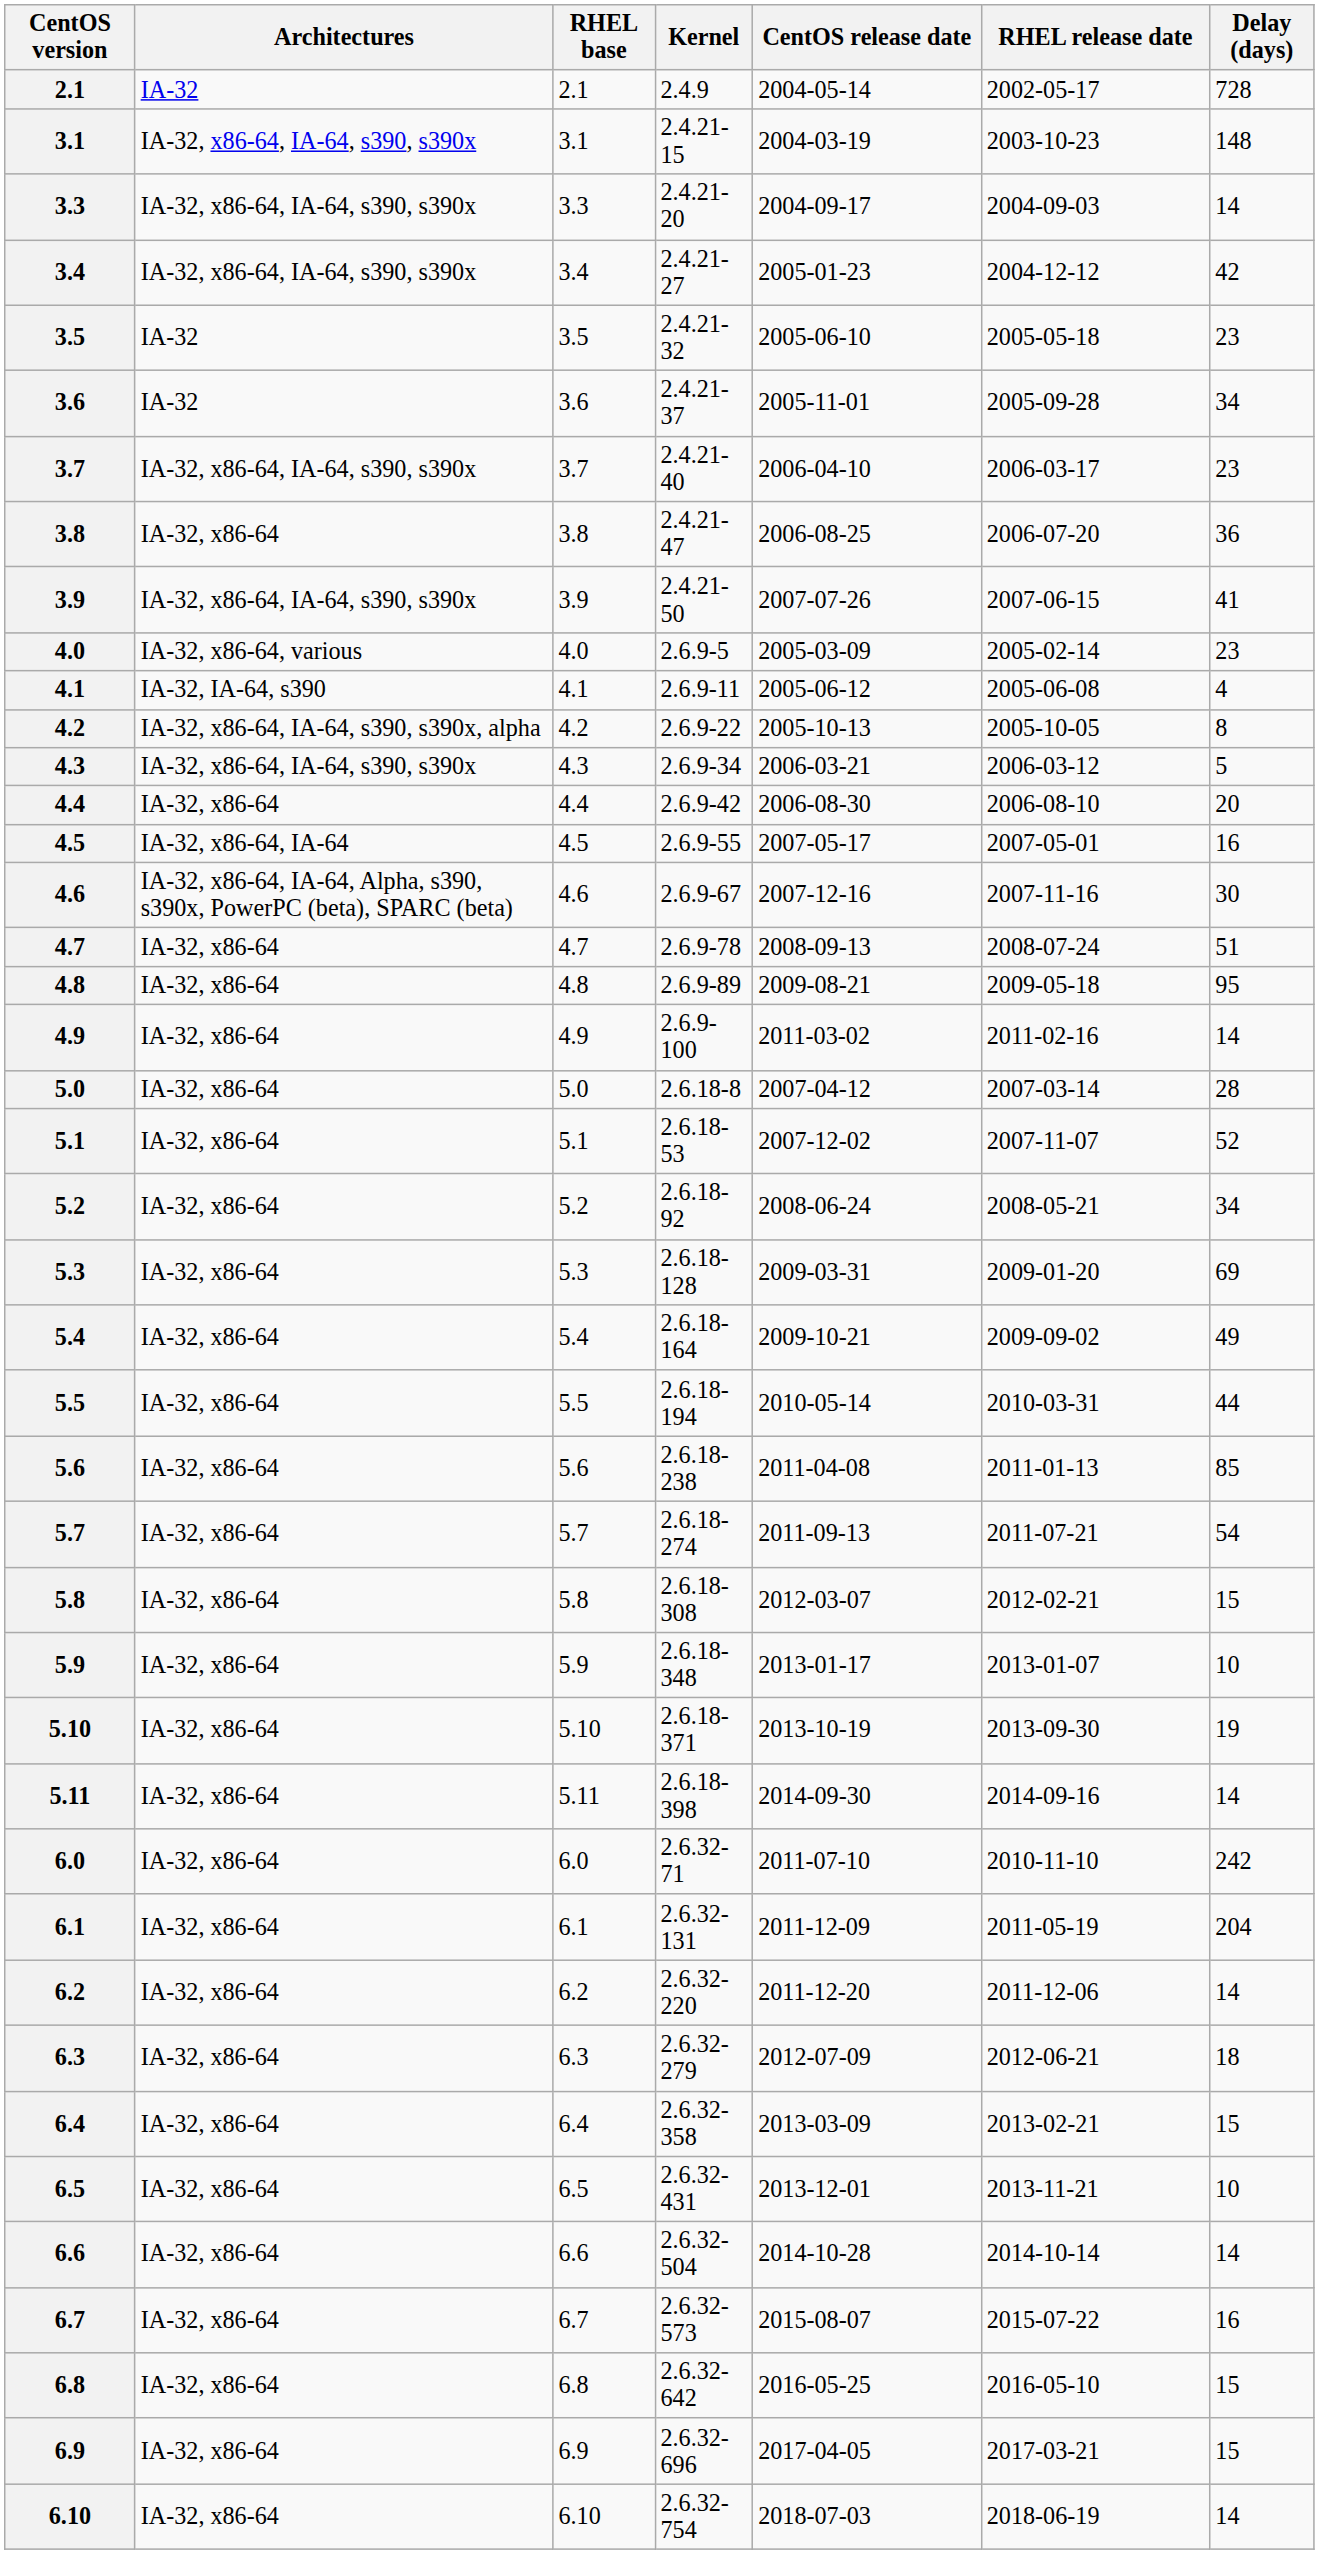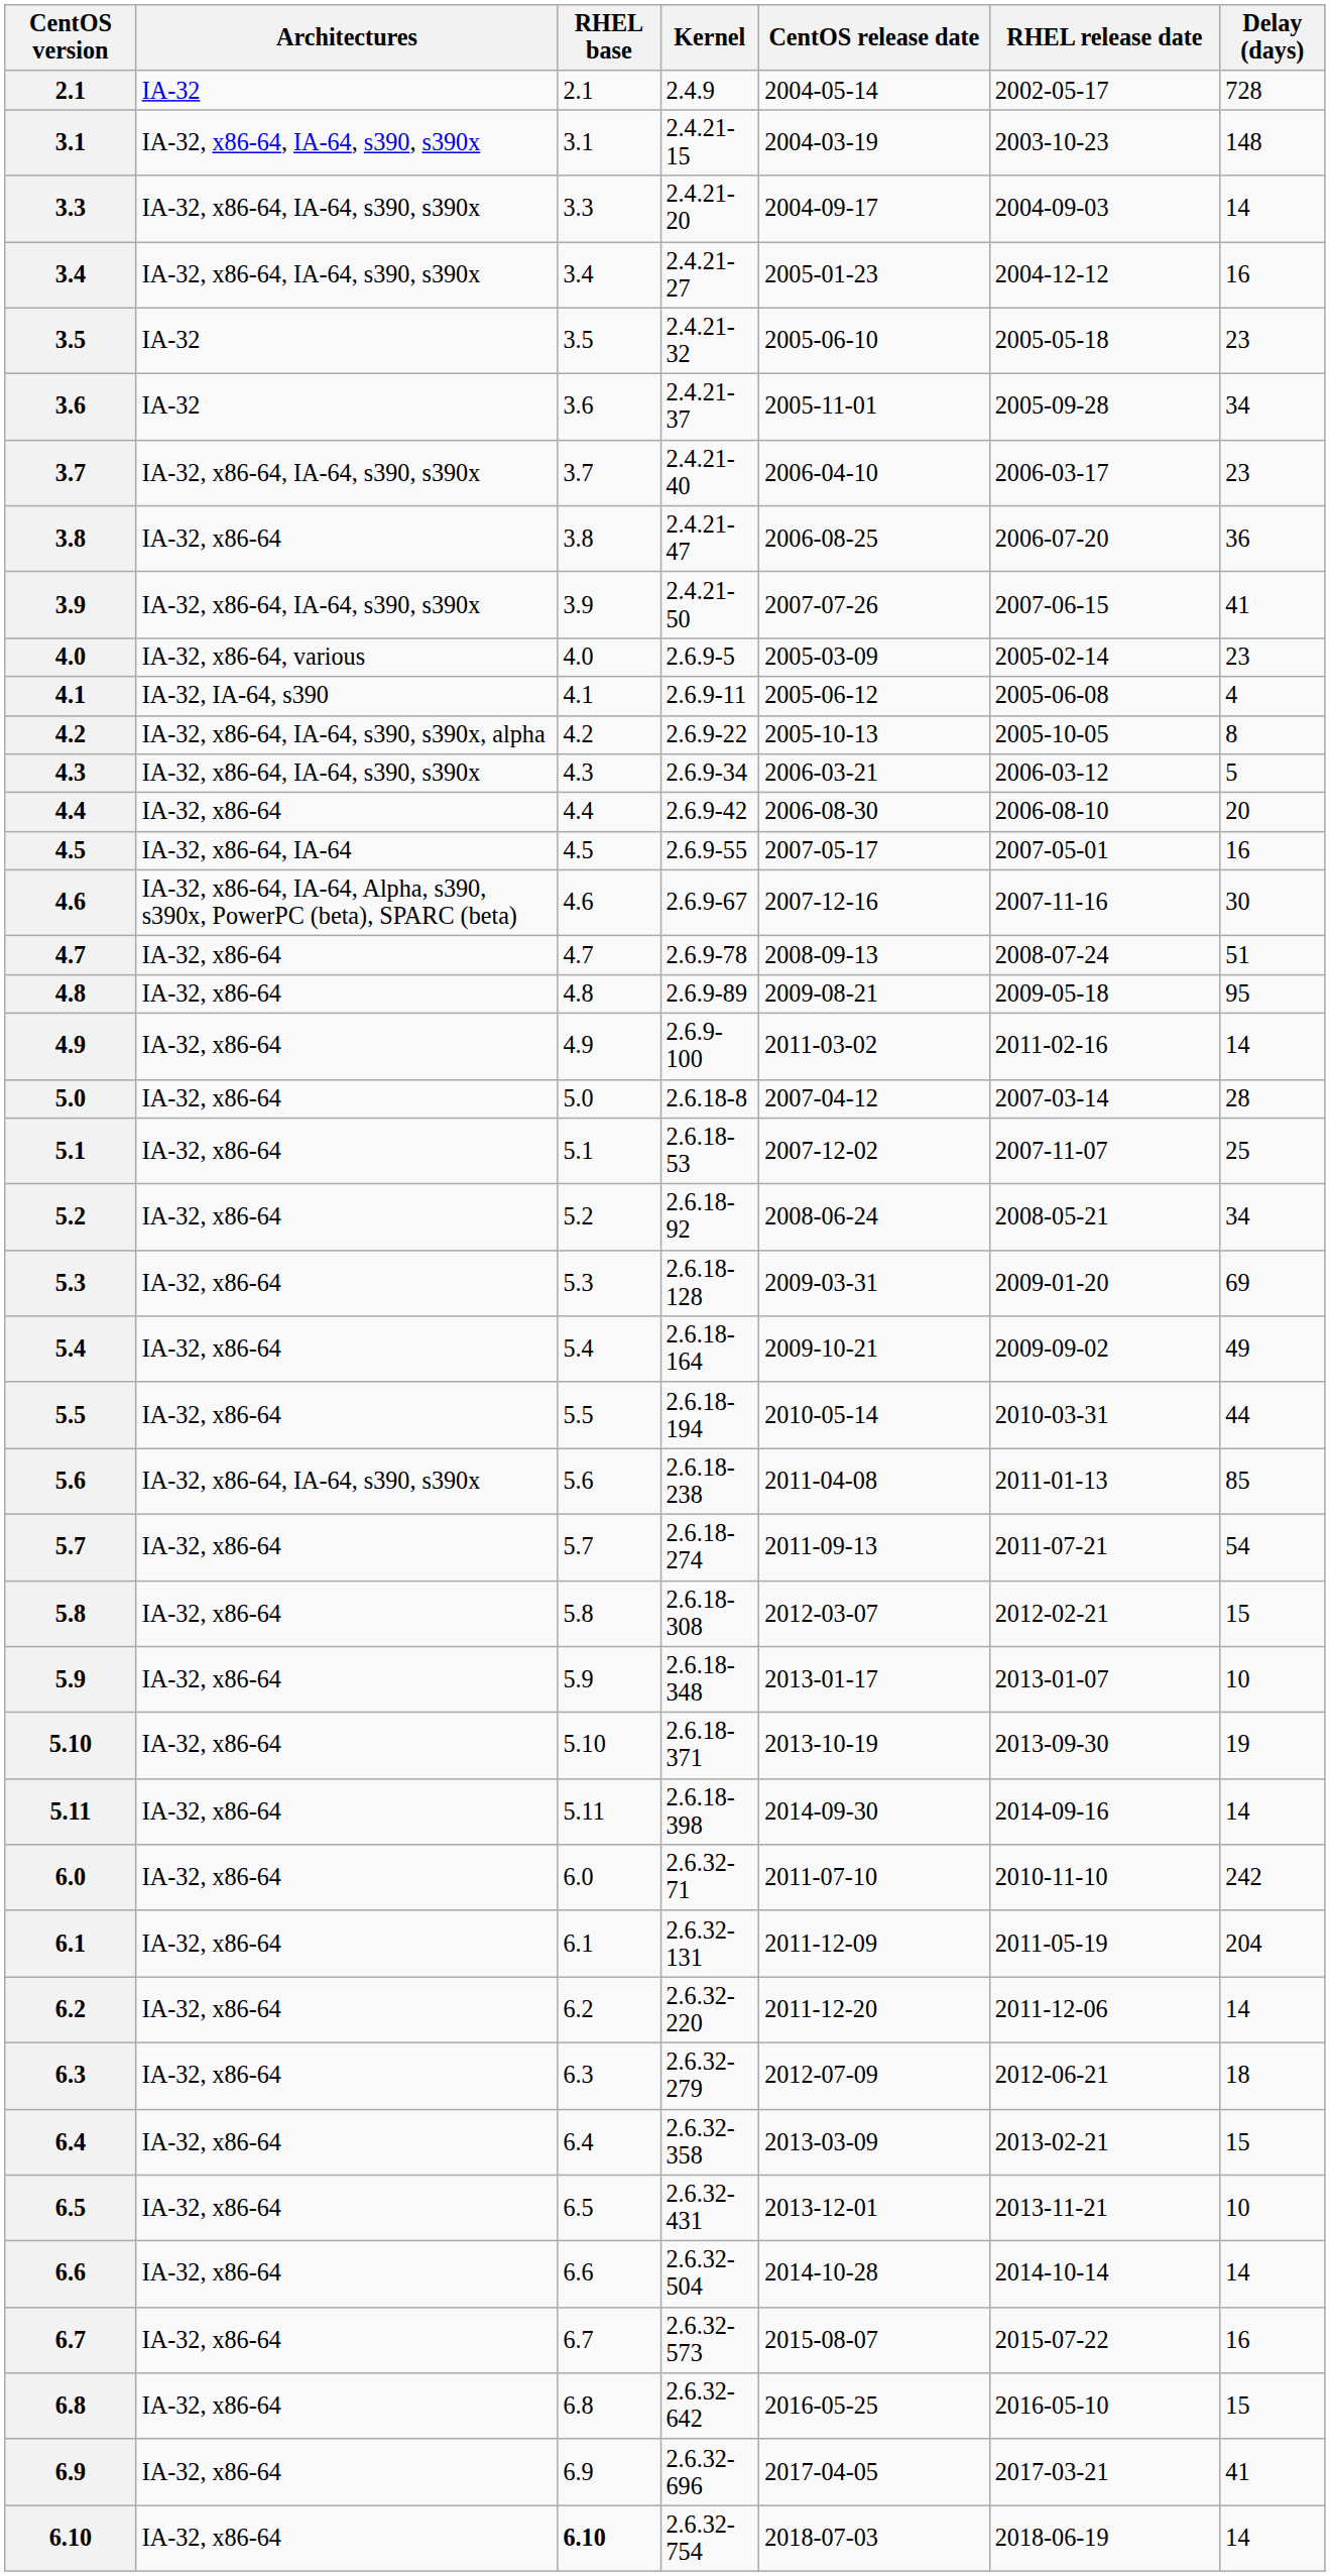 <table class="wikitable collapsible collapsed sortable">
 <tr>
 <th scope="col">CentOS version</th>
 <th scope="col">Architectures</th>
 <th scope="col">RHEL base</th>
 <th scope="col">Kernel</th>
 <th scope="col" style="min-width: 9em;">CentOS release date</th>
 <th scope="col" style="min-width: 9em;">RHEL release date</th>
 <th scope="col">Delay (days)</th>
 </tr>
 <tr>
 <th scope="row">2.1</th>
 <td><a href='#'>IA-32</a></td>
 <td>2.1</td>
 <td>2.4.9</td>
 <td>2004-05-14</td>
 <td>2002-05-17</td>
 <td>728</td>
 </tr>
 <tr>
 <th scope="row">3.1</th>
 <td>IA-32, <a href='#'>x86-64</a>, <a href='#'>IA-64</a>, <a href='#'>s390</a>, <a href='#'>s390x</a></td>
 <td>3.1</td>
 <td>2.4.21-15</td>
 <td>2004-03-19</td>
 <td>2003-10-23</td>
 <td>148</td>
 </tr>
 <tr>
 <th scope="row">3.3</th>
 <td>IA-32, x86-64, IA-64, s390, s390x</td>
 <td>3.3</td>
 <td>2.4.21-20</td>
 <td>2004-09-17</td>
 <td>2004-09-03</td>
 <td>14</td>
 </tr>
 <tr>
 <th scope="row">3.4</th>
 <td>IA-32, x86-64, IA-64, s390, s390x</td>
 <td>3.4</td>
 <td>2.4.21-27</td>
 <td>2005-01-23</td>
 <td>2004-12-12</td>
-<td>42</td>
+<td>16</td>
 </tr>
 <tr>
 <th scope="row">3.5</th>
 <td>IA-32</td>
 <td>3.5</td>
 <td>2.4.21-32</td>
 <td>2005-06-10</td>
 <td>2005-05-18</td>
 <td>23</td>
 </tr>
 <tr>
 <th scope="row">3.6</th>
 <td>IA-32</td>
 <td>3.6</td>
 <td>2.4.21-37</td>
 <td>2005-11-01</td>
 <td>2005-09-28</td>
 <td>34</td>
 </tr>
 <tr>
 <th scope="row">3.7</th>
 <td>IA-32, x86-64, IA-64, s390, s390x</td>
 <td>3.7</td>
 <td>2.4.21-40</td>
 <td>2006-04-10</td>
 <td>2006-03-17</td>
 <td>23</td>
 </tr>
 <tr>
 <th scope="row">3.8</th>
 <td>IA-32, x86-64</td>
 <td>3.8</td>
 <td>2.4.21-47</td>
 <td>2006-08-25</td>
 <td>2006-07-20</td>
 <td>36</td>
 </tr>
 <tr>
 <th scope="row">3.9</th>
 <td>IA-32, x86-64, IA-64, s390, s390x</td>
 <td>3.9</td>
 <td>2.4.21-50</td>
 <td>2007-07-26</td>
 <td>2007-06-15</td>
 <td>41</td>
 </tr>
 <tr>
 <th scope="row">4.0</th>
 <td>IA-32, x86-64, various</td>
 <td>4.0</td>
 <td>2.6.9-5</td>
 <td>2005-03-09</td>
 <td>2005-02-14</td>
 <td>23</td>
 </tr>
 <tr>
 <th scope="row">4.1</th>
 <td>IA-32, IA-64, s390</td>
 <td>4.1</td>
 <td>2.6.9-11</td>
 <td>2005-06-12</td>
 <td>2005-06-08</td>
 <td>4</td>
 </tr>
 <tr>
 <th scope="row">4.2</th>
 <td>IA-32, x86-64, IA-64, s390, s390x, alpha</td>
 <td>4.2</td>
 <td>2.6.9-22</td>
 <td>2005-10-13</td>
 <td>2005-10-05</td>
 <td>8</td>
 </tr>
 <tr>
 <th scope="row">4.3</th>
 <td>IA-32, x86-64, IA-64, s390, s390x</td>
 <td>4.3</td>
 <td>2.6.9-34</td>
 <td>2006-03-21</td>
 <td>2006-03-12</td>
 <td>5</td>
 </tr>
 <tr>
 <th scope="row">4.4</th>
 <td>IA-32, x86-64</td>
 <td>4.4</td>
 <td>2.6.9-42</td>
 <td>2006-08-30</td>
 <td>2006-08-10</td>
 <td>20</td>
 </tr>
 <tr>
 <th scope="row">4.5</th>
 <td>IA-32, x86-64, IA-64</td>
 <td>4.5</td>
 <td>2.6.9-55</td>
 <td>2007-05-17</td>
 <td>2007-05-01</td>
 <td>16</td>
 </tr>
 <tr>
 <th scope="row">4.6</th>
 <td>IA-32, x86-64, IA-64, Alpha, s390, s390x, PowerPC (beta), SPARC (beta)</td>
 <td>4.6</td>
 <td>2.6.9-67</td>
 <td>2007-12-16</td>
 <td>2007-11-16</td>
 <td>30</td>
 </tr>
 <tr>
 <th scope="row">4.7</th>
 <td>IA-32, x86-64</td>
 <td>4.7</td>
 <td>2.6.9-78</td>
 <td>2008-09-13</td>
 <td>2008-07-24</td>
 <td>51</td>
 </tr>
 <tr>
 <th scope="row">4.8</th>
 <td>IA-32, x86-64</td>
 <td>4.8</td>
 <td>2.6.9-89</td>
 <td>2009-08-21</td>
 <td>2009-05-18</td>
 <td>95</td>
 </tr>
 <tr>
 <th scope="row">4.9</th>
 <td>IA-32, x86-64</td>
 <td>4.9</td>
 <td>2.6.9-100</td>
 <td>2011-03-02</td>
 <td>2011-02-16</td>
 <td>14</td>
 </tr>
 <tr>
 <th scope="row">5.0</th>
 <td>IA-32, x86-64</td>
 <td>5.0</td>
 <td>2.6.18-8</td>
 <td>2007-04-12</td>
 <td>2007-03-14</td>
 <td>28</td>
 </tr>
 <tr>
 <th scope="row">5.1</th>
 <td>IA-32, x86-64</td>
 <td>5.1</td>
 <td>2.6.18-53</td>
 <td>2007-12-02</td>
 <td>2007-11-07</td>
-<td>52</td>
+<td>25</td>
 </tr>
 <tr>
 <th scope="row">5.2</th>
 <td>IA-32, x86-64</td>
 <td>5.2</td>
 <td>2.6.18-92</td>
 <td>2008-06-24</td>
 <td>2008-05-21</td>
 <td>34</td>
 </tr>
 <tr>
 <th scope="row">5.3</th>
 <td>IA-32, x86-64</td>
 <td>5.3</td>
 <td>2.6.18-128</td>
 <td>2009-03-31</td>
 <td>2009-01-20</td>
 <td>69</td>
 </tr>
 <tr>
 <th scope="row">5.4</th>
 <td>IA-32, x86-64</td>
 <td>5.4</td>
 <td>2.6.18-164</td>
 <td>2009-10-21</td>
 <td>2009-09-02</td>
 <td>49</td>
 </tr>
 <tr>
 <th scope="row">5.5</th>
 <td>IA-32, x86-64</td>
 <td>5.5</td>
 <td>2.6.18-194</td>
 <td>2010-05-14</td>
 <td>2010-03-31</td>
 <td>44</td>
 </tr>
 <tr>
 <th scope="row">5.6</th>
-<td>IA-32, x86-64</td>
+<td>IA-32, x86-64, IA-64, s390, s390x</td>
 <td>5.6</td>
 <td>2.6.18-238</td>
 <td>2011-04-08</td>
 <td>2011-01-13</td>
 <td>85</td>
 </tr>
 <tr>
 <th scope="row">5.7</th>
 <td>IA-32, x86-64</td>
 <td>5.7</td>
 <td>2.6.18-274</td>
 <td>2011-09-13</td>
 <td>2011-07-21</td>
 <td>54</td>
 </tr>
 <tr>
 <th scope="row">5.8</th>
 <td>IA-32, x86-64</td>
 <td>5.8</td>
 <td>2.6.18-308</td>
 <td>2012-03-07</td>
 <td>2012-02-21</td>
 <td>15</td>
 </tr>
 <tr>
 <th scope="row">5.9</th>
 <td>IA-32, x86-64</td>
 <td>5.9</td>
 <td>2.6.18-348</td>
 <td>2013-01-17</td>
 <td>2013-01-07</td>
 <td>10</td>
 </tr>
 <tr>
 <th scope="row">5.10</th>
 <td>IA-32, x86-64</td>
 <td>5.10</td>
 <td>2.6.18-371</td>
 <td>2013-10-19</td>
 <td>2013-09-30</td>
 <td>19</td>
 </tr>
 <tr>
 <th scope="row">5.11</th>
 <td>IA-32, x86-64</td>
 <td>5.11</td>
 <td>2.6.18-398</td>
 <td>2014-09-30</td>
 <td>2014-09-16</td>
 <td>14</td>
 </tr>
 <tr>
 <th scope="row">6.0</th>
 <td>IA-32, x86-64</td>
 <td>6.0</td>
 <td>2.6.32-71</td>
 <td>2011-07-10</td>
 <td>2010-11-10</td>
 <td>242</td>
 </tr>
 <tr>
 <th scope="row">6.1</th>
 <td>IA-32, x86-64</td>
 <td>6.1</td>
 <td>2.6.32-131</td>
 <td>2011-12-09</td>
 <td>2011-05-19</td>
 <td>204</td>
 </tr>
 <tr>
 <th scope="row">6.2</th>
 <td>IA-32, x86-64</td>
 <td>6.2</td>
 <td>2.6.32-220</td>
 <td>2011-12-20</td>
 <td>2011-12-06</td>
 <td>14</td>
 </tr>
 <tr>
 <th scope="row">6.3</th>
 <td>IA-32, x86-64</td>
 <td>6.3</td>
 <td>2.6.32-279</td>
 <td>2012-07-09</td>
 <td>2012-06-21</td>
 <td>18</td>
 </tr>
 <tr>
 <th scope="row">6.4</th>
 <td>IA-32, x86-64</td>
 <td>6.4</td>
 <td>2.6.32-358</td>
 <td>2013-03-09</td>
 <td>2013-02-21</td>
 <td>15</td>
 </tr>
 <tr>
 <th scope="row">6.5</th>
 <td>IA-32, x86-64</td>
 <td>6.5</td>
 <td>2.6.32-431</td>
 <td>2013-12-01</td>
 <td>2013-11-21</td>
 <td>10</td>
 </tr>
 <tr>
 <th scope="row">6.6</th>
 <td>IA-32, x86-64</td>
 <td>6.6</td>
 <td>2.6.32-504</td>
 <td>2014-10-28</td>
 <td>2014-10-14</td>
 <td>14</td>
 </tr>
 <tr>
 <th scope="row">6.7</th>
 <td>IA-32, x86-64</td>
 <td>6.7</td>
 <td>2.6.32-573</td>
 <td>2015-08-07</td>
 <td>2015-07-22</td>
 <td>16</td>
 </tr>
 <tr>
 <th scope="row">6.8</th>
 <td>IA-32, x86-64</td>
 <td>6.8</td>
 <td>2.6.32-642</td>
 <td>2016-05-25</td>
 <td>2016-05-10</td>
 <td>15</td>
 </tr>
 <tr>
 <th scope="row">6.9</th>
 <td>IA-32, x86-64</td>
 <td>6.9</td>
 <td>2.6.32-696</td>
 <td>2017-04-05</td>
 <td>2017-03-21</td>
-<td>15</td>
+<td>41</td>
 </tr>
 <tr>
 <th scope="row">6.10</th>
 <td>IA-32, x86-64</td>
-<td>6.10</td>
+<td><strong>6.10</strong></td>
 <td>2.6.32-754</td>
 <td>2018-07-03</td>
 <td>2018-06-19</td>
 <td>14</td>
 </tr>
 </table>
